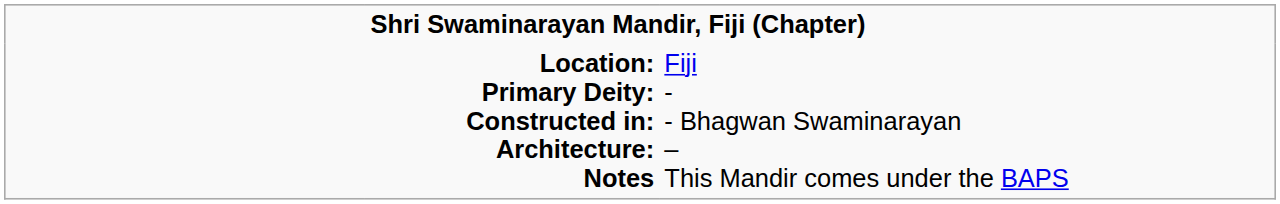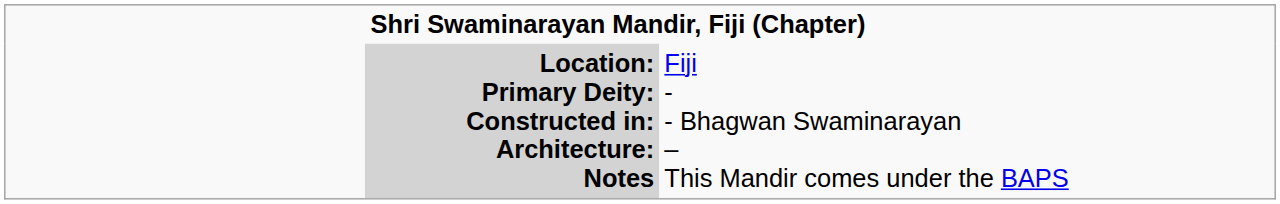 <table class="wikitable plain" border="0" width="800">
 <tr>
 <td width="220px" rowspan="2" style="border:none;"></td>
 <td valign="top" colspan=2 style="border:none;"><strong>Shri Swaminarayan Mandir, Fiji (Chapter)</strong></td>
 </tr>
 <tr>
-<td valign="top" style="text-align:right; border:none;"><strong>Location:</strong> <br><strong>Primary Deity:</strong><br><strong>Constructed in:</strong><br><strong>Architecture:</strong><br><strong>Notes</strong></td>
+<td valign="top" style="background: lightgrey; text-align:right; border:none;"><strong>Location:</strong> <br><strong>Primary Deity:</strong><br><strong>Constructed in:</strong><br><strong>Architecture:</strong><br><strong>Notes</strong></td>
 <td valign="top" style="border:none;"><a href='#'>Fiji</a> <br>- <br>- Bhagwan Swaminarayan<br>– <br>This Mandir comes under the <a href='#'>BAPS</a></td>
 </tr>
 </table>
